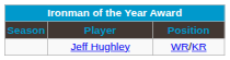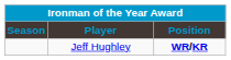 <table class="wikitable sortable" style="text-align:center">
 <tr>
 <td colspan="4" style="background:#09C; color:#fff;"><strong>Ironman of the Year Award</strong></td>
 </tr>
 <tr>
 <th style="width:50px; background:#423732; color:#09C;">Season</th>
 <th style="width:150px; background:#423732; color:#09C;">Player</th>
 <th style="width:100px; background:#423732; color:#09C;">Position</th>
 </tr>
 <tr>
 <td></td>
 <td><a href='#'>Jeff Hughley</a></td>
-<td><a href='#'>WR</a>/<a href='#'>KR</a></td>
+<td><strong><a href='#'>WR</a>/<a href='#'>KR</a></strong></td>
 </tr>
 </table>
